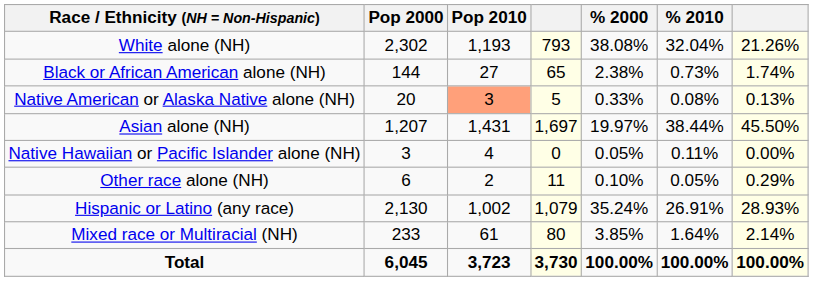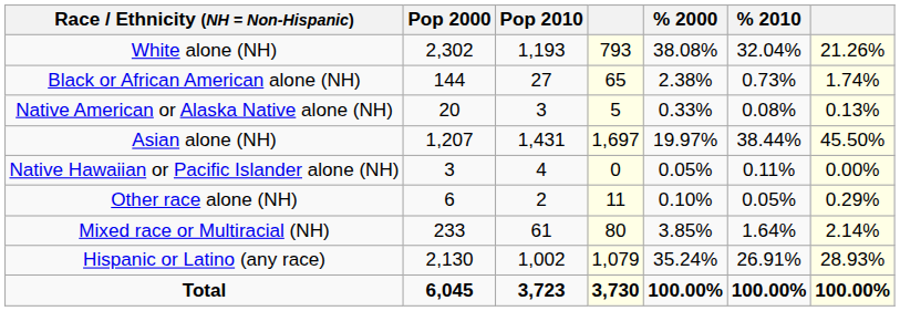 <table class="wikitable" style="text-align:center;">
 <tr>
 <th>Race / Ethnicity <small>(<em>NH = Non-Hispanic</em>)</small></th>
 <th>Pop 2000</th>
 <th>Pop 2010</th>
 <th></th>
 <th>% 2000</th>
 <th>% 2010</th>
 <th></th>
 </tr>
 <tr>
 <td><a href='#'>White</a> alone (NH)</td>
 <td>2,302</td>
 <td>1,193</td>
 <td style='background: #ffffe6;'>793</td>
 <td>38.08%</td>
 <td>32.04%</td>
 <td style='background: #ffffe6;'>21.26%</td>
 </tr>
 <tr>
 <td><a href='#'>Black or African American</a> alone (NH)</td>
 <td>144</td>
 <td>27</td>
 <td style='background: #ffffe6;'>65</td>
 <td>2.38%</td>
 <td>0.73%</td>
 <td style='background: #ffffe6;'>1.74%</td>
 </tr>
 <tr>
 <td><a href='#'>Native American</a> or <a href='#'>Alaska Native</a> alone (NH)</td>
 <td>20</td>
-<td style="background: lightsalmon;">3</td>
+<td>3</td>
 <td style='background: #ffffe6;'>5</td>
 <td>0.33%</td>
 <td>0.08%</td>
 <td style='background: #ffffe6;'>0.13%</td>
 </tr>
 <tr>
 <td><a href='#'>Asian</a> alone (NH)</td>
 <td>1,207</td>
 <td>1,431</td>
 <td style='background: #ffffe6;'>1,697</td>
 <td>19.97%</td>
 <td>38.44%</td>
 <td style='background: #ffffe6;'>45.50%</td>
 </tr>
 <tr>
 <td><a href='#'>Native Hawaiian</a> or <a href='#'>Pacific Islander</a> alone (NH)</td>
 <td>3</td>
 <td>4</td>
 <td style='background: #ffffe6;'>0</td>
 <td>0.05%</td>
 <td>0.11%</td>
 <td style='background: #ffffe6;'>0.00%</td>
 </tr>
 <tr>
 <td><a href='#'>Other race</a> alone (NH)</td>
 <td>6</td>
 <td>2</td>
 <td style='background: #ffffe6;'>11</td>
 <td>0.10%</td>
 <td>0.05%</td>
 <td style='background: #ffffe6;'>0.29%</td>
 </tr>
 <tr>
+<td><a href='#'>Mixed race or Multiracial</a> (NH)</td>
+<td>233</td>
+<td>61</td>
+<td style='background: #ffffe6;'>80</td>
+<td>3.85%</td>
+<td>1.64%</td>
+<td style='background: #ffffe6;'>2.14%</td>
+</tr>
+<tr>
 <td><a href='#'>Hispanic or Latino</a> (any race)</td>
 <td>2,130</td>
 <td>1,002</td>
 <td style='background: #ffffe6;'>1,079</td>
 <td>35.24%</td>
 <td>26.91%</td>
 <td style='background: #ffffe6;'>28.93%</td>
-</tr>
-<tr>
-<td><a href='#'>Mixed race or Multiracial</a> (NH)</td>
-<td>233</td>
-<td>61</td>
-<td style='background: #ffffe6;'>80</td>
-<td>3.85%</td>
-<td>1.64%</td>
-<td style='background: #ffffe6;'>2.14%</td>
 </tr>
 <tr>
 <td><strong>Total</strong></td>
 <td><strong>6,045</strong></td>
 <td><strong>3,723</strong></td>
 <td style='background: #ffffe6;'><strong>3,730</strong></td>
 <td><strong>100.00%</strong></td>
 <td><strong>100.00%</strong></td>
 <td style='background: #ffffe6;'><strong>100.00%</strong></td>
 </tr>
 </table>
